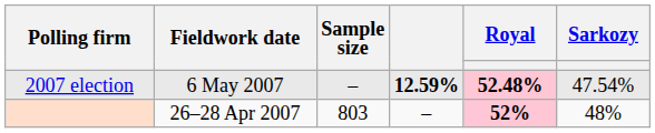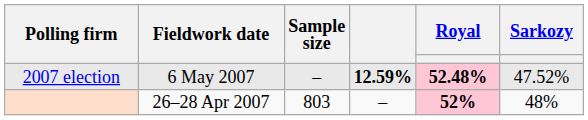 <table class="wikitable sortable" style="text-align:center;font-size:90%;line-height:14px;">
 <tr style="height:40px;">
 <th style="width:100px;" rowspan="2">Polling firm</th>
 <th style="width:110px;" rowspan="2">Fieldwork date</th>
 <th style="width:35px;" rowspan="2">Sample<br>size</th>
 <th style="width:30px;" rowspan="2"></th>
 <th class="unsortable" style="width:60px;"><a href='#'>Royal</a><br></th>
 <th class="unsortable" style="width:60px;"><a href='#'>Sarkozy</a><br></th>
 </tr>
 <tr>
 <th style="background:"></th>
 <th style="background:"></th>
 </tr>
 <tr style="background:#E9E9E9;">
 <td><a href='#'>2007 election</a></td>
 <td data-sort-value="2007-05-06">6 May 2007</td>
 <td>–</td>
 <td><strong>12.59%</strong></td>
 <td style="background:#FFC6D5;"><strong>52.48%</strong></td>
-<td>47.54%</td>
+<td>47.52%</td>
 </tr>
 <tr>
 <td style="background:#FFDFCC;"></td>
 <td data-sort-value="2007-04-28">26–28 Apr 2007</td>
 <td>803</td>
 <td>–</td>
 <td style="background:#FFC6D5;"><strong>52%</strong></td>
 <td>48%</td>
 </tr>
 </table>
